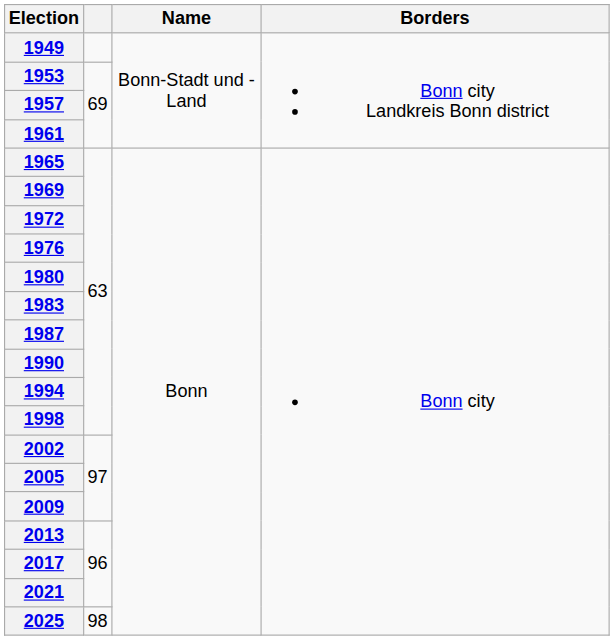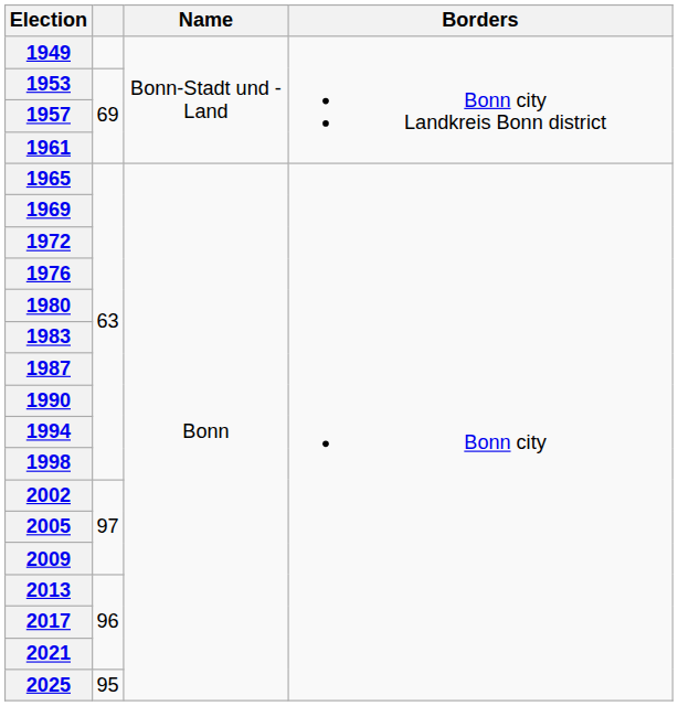 <table class=wikitable style="text-align:center">
 <tr>
 <th>Election</th>
 <th></th>
 <th width=125px>Name</th>
 <th width=300px>Borders</th>
 </tr>
 <tr>
 <th><a href='#'>1949</a></th>
 <td></td>
 <td rowspan=4>Bonn-Stadt und -Land</td>
 <td rowspan=4><br><ul><li><a href='#'>Bonn</a> city</li><li>Landkreis Bonn district</li></ul></td>
 </tr>
 <tr>
 <th><a href='#'>1953</a></th>
 <td rowspan=3>69</td>
 </tr>
 <tr>
 <th><a href='#'>1957</a></th>
 </tr>
 <tr>
 <th><a href='#'>1961</a></th>
 </tr>
 <tr>
 <th><a href='#'>1965</a></th>
 <td rowspan=10>63</td>
 <td rowspan=17>Bonn</td>
 <td rowspan=17><br><ul><li><a href='#'>Bonn</a> city</li></ul></td>
 </tr>
 <tr>
 <th><a href='#'>1969</a></th>
 </tr>
 <tr>
 <th><a href='#'>1972</a></th>
 </tr>
 <tr>
 <th><a href='#'>1976</a></th>
 </tr>
 <tr>
 <th><a href='#'>1980</a></th>
 </tr>
 <tr>
 <th><a href='#'>1983</a></th>
 </tr>
 <tr>
 <th><a href='#'>1987</a></th>
 </tr>
 <tr>
 <th><a href='#'>1990</a></th>
 </tr>
 <tr>
 <th><a href='#'>1994</a></th>
 </tr>
 <tr>
 <th><a href='#'>1998</a></th>
 </tr>
 <tr>
 <th><a href='#'>2002</a></th>
 <td rowspan=3>97</td>
 </tr>
 <tr>
 <th><a href='#'>2005</a></th>
 </tr>
 <tr>
 <th><a href='#'>2009</a></th>
 </tr>
 <tr>
 <th><a href='#'>2013</a></th>
 <td rowspan=3>96</td>
 </tr>
 <tr>
 <th><a href='#'>2017</a></th>
 </tr>
 <tr>
 <th><a href='#'>2021</a></th>
 </tr>
 <tr>
 <th><a href='#'>2025</a></th>
-<td>98</td>
+<td>95</td>
 </tr>
 </table>
